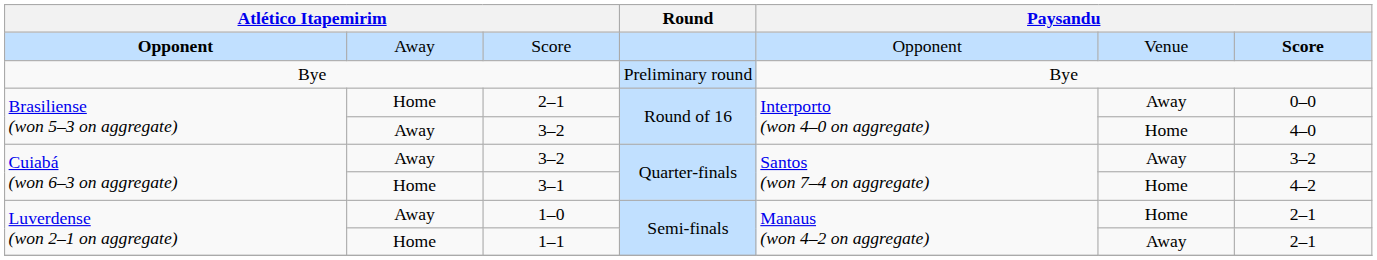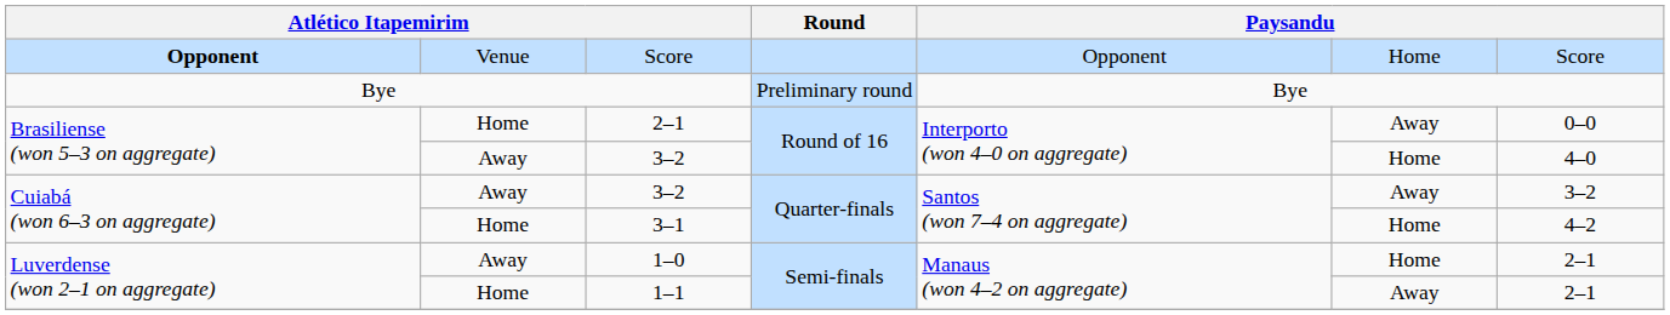 <table class="wikitable" style="text-align: center;">
 <tr>
 <th colspan=3> <a href='#'>Atlético Itapemirim</a></th>
 <th>Round</th>
 <th colspan=3> <a href='#'>Paysandu</a></th>
 </tr>
 <tr bgcolor=#c1e0ff>
 <td width=25%><strong>Opponent</strong></td>
-<td>Away</td>
+<td width=10%>Venue</td>
 <td width=10%>Score</td>
 <td width=10%></td>
 <td width=25%>Opponent</td>
-<td width=10%>Venue</td>
-<td width=10%><strong>Score</strong></td>
+<td>Home</td>
+<td width=10%>Score</td>
 </tr>
 <tr>
 <td colspan="3" rowspan="1">Bye</td>
 <td rowspan=1 bgcolor=#c1e0ff>Preliminary round</td>
 <td colspan="3" rowspan="1">Bye</td>
 </tr>
 <tr>
 <td rowspan=2 align=left> <a href='#'>Brasiliense</a><br><em>(won 5–3 on aggregate)</em></td>
 <td>Home</td>
 <td>2–1</td>
 <td rowspan=2 bgcolor=#c1e0ff>Round of 16</td>
 <td rowspan=2 align=left> <a href='#'>Interporto</a><br><em>(won 4–0 on aggregate)</em></td>
 <td>Away</td>
 <td>0–0</td>
 </tr>
 <tr>
 <td>Away</td>
 <td>3–2</td>
 <td>Home</td>
 <td>4–0</td>
 </tr>
 <tr>
 <td rowspan=2 align=left> <a href='#'>Cuiabá</a><br><em>(won 6–3 on aggregate)</em></td>
 <td>Away</td>
 <td>3–2</td>
 <td rowspan=2 bgcolor=#c1e0ff>Quarter-finals</td>
 <td rowspan=2 align=left> <a href='#'>Santos</a><br><em>(won 7–4 on aggregate)</em></td>
 <td>Away</td>
 <td>3–2</td>
 </tr>
 <tr>
 <td>Home</td>
 <td>3–1</td>
 <td>Home</td>
 <td>4–2</td>
 </tr>
 <tr>
 <td rowspan=2 align=left> <a href='#'>Luverdense</a><br><em>(won 2–1 on aggregate)</em></td>
 <td>Away</td>
 <td>1–0</td>
 <td rowspan=2 bgcolor=#c1e0ff>Semi-finals</td>
 <td rowspan=2 align=left> <a href='#'>Manaus</a><br><em>(won 4–2 on aggregate)</em></td>
 <td>Home</td>
 <td>2–1</td>
 </tr>
 <tr>
 <td>Home</td>
 <td>1–1</td>
 <td>Away</td>
 <td>2–1</td>
 </tr>
 <tr>
 </tr>
 </table>
